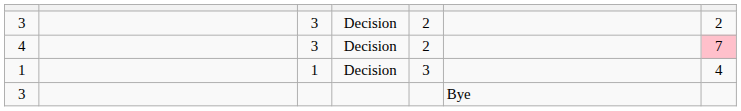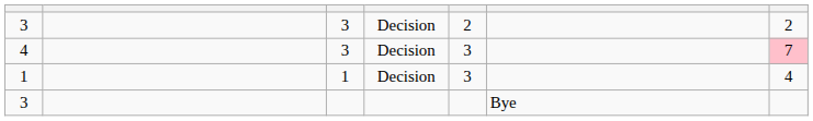 <table class="wikitable" style="text-align: center;">
 <tr>
 <th width=30></th>
 <th width=270></th>
 <th width=30></th>
 <th width=75></th>
 <th width=30></th>
 <th width=270></th>
 <th width=30></th>
 </tr>
 <tr>
 <td>3</td>
 <td align=left></td>
 <td>3</td>
 <td>Decision</td>
 <td>2</td>
 <td align=left><strong></strong></td>
 <td>2</td>
 </tr>
 <tr>
 <td>4</td>
 <td align=left><strong></strong></td>
 <td>3</td>
 <td>Decision</td>
-<td>2</td>
+<td>3</td>
 <td align=left></td>
 <td bgcolor=pink>7</td>
 </tr>
 <tr>
 <td>1</td>
 <td align=left><strong></strong></td>
 <td>1</td>
 <td>Decision</td>
 <td>3</td>
 <td align=left></td>
 <td>4</td>
 </tr>
 <tr>
 <td>3</td>
 <td align=left><strong></strong></td>
 <td></td>
 <td></td>
 <td></td>
 <td align=left>Bye</td>
 <td></td>
 </tr>
 </table>
